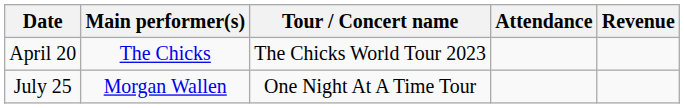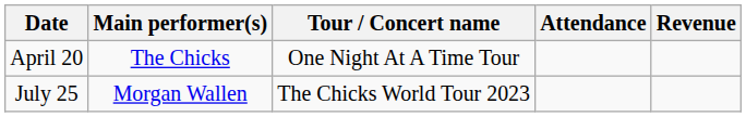 <table class="wikitable"  style="text-align:center; font-size:95%;">
 <tr>
 <th style="text-align:center;">Date</th>
 <th style="text-align:center;">Main performer(s)</th>
 <th style="text-align:center;">Tour / Concert name</th>
 <th style="text-align:center;">Attendance</th>
 <th style="text-align:center;">Revenue</th>
 </tr>
 <tr>
 <td>April 20</td>
 <td><a href='#'>The Chicks</a></td>
-<td>The Chicks World Tour 2023</td>
+<td>One Night At A Time Tour</td>
 <td></td>
 <td></td>
 </tr>
 <tr>
 <td>July 25</td>
 <td><a href='#'>Morgan Wallen</a></td>
-<td>One Night At A Time Tour</td>
+<td>The Chicks World Tour 2023</td>
 <td></td>
 <td></td>
 </tr>
 </table>
